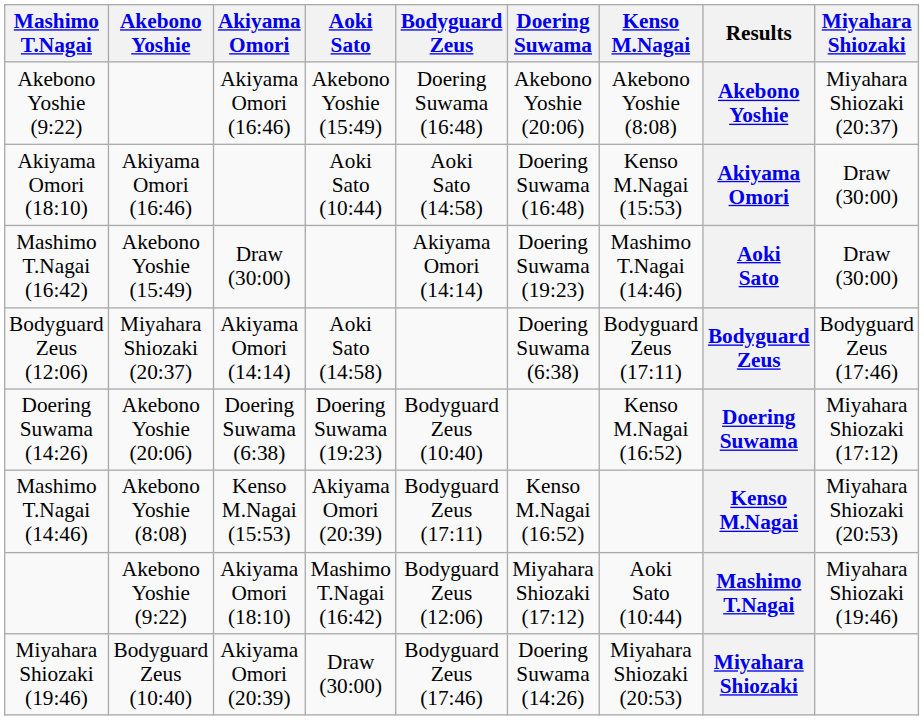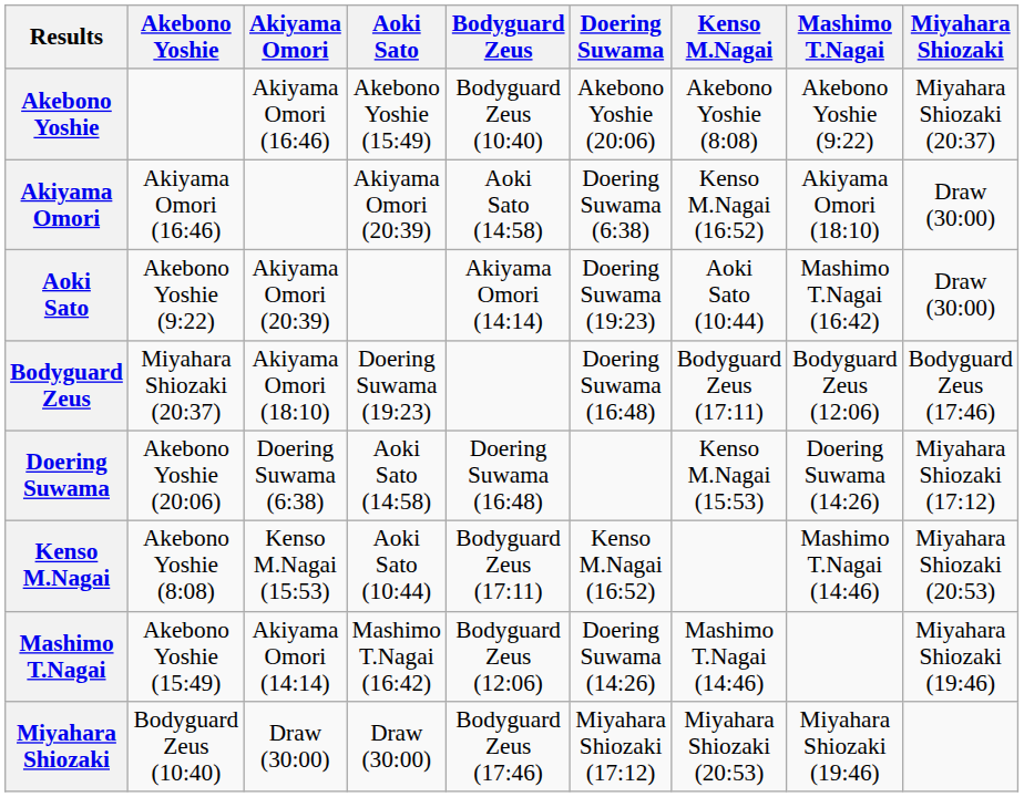 <table class="wikitable" style="text-align:center; margin: 1em auto 1em auto">
 <tr>
-<th><a href='#'>Mashimo</a><br><a href='#'>T.Nagai</a></th>
+<th>Results</th>
 <th><a href='#'>Akebono</a><br><a href='#'>Yoshie</a></th>
 <th><a href='#'>Akiyama</a><br><a href='#'>Omori</a></th>
 <th><a href='#'>Aoki</a><br><a href='#'>Sato</a></th>
 <th><a href='#'>Bodyguard</a><br><a href='#'>Zeus</a></th>
 <th><a href='#'>Doering</a><br><a href='#'>Suwama</a></th>
 <th><a href='#'>Kenso</a><br><a href='#'>M.Nagai</a></th>
-<th>Results</th>
+<th><a href='#'>Mashimo</a><br><a href='#'>T.Nagai</a></th>
 <th><a href='#'>Miyahara</a><br><a href='#'>Shiozaki</a></th>
 </tr>
 <tr>
-<td>Akebono<br>Yoshie<br>(9:22)</td>
+<th><a href='#'>Akebono</a><br><a href='#'>Yoshie</a></th>
 <td></td>
 <td>Akiyama<br>Omori<br>(16:46)</td>
 <td>Akebono<br>Yoshie<br>(15:49)</td>
-<td>Doering<br>Suwama<br>(16:48)</td>
+<td>Bodyguard<br>Zeus<br>(10:40)</td>
 <td>Akebono<br>Yoshie<br>(20:06)</td>
 <td>Akebono<br>Yoshie<br>(8:08)</td>
-<th><a href='#'>Akebono</a><br><a href='#'>Yoshie</a></th>
+<td>Akebono<br>Yoshie<br>(9:22)</td>
 <td>Miyahara<br>Shiozaki<br>(20:37)</td>
 </tr>
 <tr>
-<td>Akiyama<br>Omori<br>(18:10)</td>
+<th><a href='#'>Akiyama</a><br><a href='#'>Omori</a></th>
 <td>Akiyama<br>Omori<br>(16:46)</td>
 <td></td>
-<td>Aoki<br>Sato<br>(10:44)</td>
+<td>Akiyama<br>Omori<br>(20:39)</td>
 <td>Aoki<br>Sato<br>(14:58)</td>
-<td>Doering<br>Suwama<br>(16:48)</td>
-<td>Kenso<br>M.Nagai<br>(15:53)</td>
-<th><a href='#'>Akiyama</a><br><a href='#'>Omori</a></th>
+<td>Doering<br>Suwama<br>(6:38)</td>
+<td>Kenso<br>M.Nagai<br>(16:52)</td>
+<td>Akiyama<br>Omori<br>(18:10)</td>
 <td>Draw<br>(30:00)</td>
 </tr>
 <tr>
-<td>Mashimo<br>T.Nagai<br>(16:42)</td>
-<td>Akebono<br>Yoshie<br>(15:49)</td>
-<td>Draw<br>(30:00)</td>
+<th><a href='#'>Aoki</a><br><a href='#'>Sato</a></th>
+<td>Akebono<br>Yoshie<br>(9:22)</td>
+<td>Akiyama<br>Omori<br>(20:39)</td>
 <td></td>
 <td>Akiyama<br>Omori<br>(14:14)</td>
 <td>Doering<br>Suwama<br>(19:23)</td>
-<td>Mashimo<br>T.Nagai<br>(14:46)</td>
-<th><a href='#'>Aoki</a><br><a href='#'>Sato</a></th>
+<td>Aoki<br>Sato<br>(10:44)</td>
+<td>Mashimo<br>T.Nagai<br>(16:42)</td>
 <td>Draw<br>(30:00)</td>
 </tr>
 <tr>
+<th><a href='#'>Bodyguard</a><br><a href='#'>Zeus</a></th>
+<td>Miyahara<br>Shiozaki<br>(20:37)</td>
+<td>Akiyama<br>Omori<br>(18:10)</td>
+<td>Doering<br>Suwama<br>(19:23)</td>
+<td></td>
+<td>Doering<br>Suwama<br>(16:48)</td>
+<td>Bodyguard<br>Zeus<br>(17:11)</td>
 <td>Bodyguard<br>Zeus<br>(12:06)</td>
-<td>Miyahara<br>Shiozaki<br>(20:37)</td>
-<td>Akiyama<br>Omori<br>(14:14)</td>
-<td>Aoki<br>Sato<br>(14:58)</td>
-<td></td>
-<td>Doering<br>Suwama<br>(6:38)</td>
-<td>Bodyguard<br>Zeus<br>(17:11)</td>
-<th><a href='#'>Bodyguard</a><br><a href='#'>Zeus</a></th>
 <td>Bodyguard<br>Zeus<br>(17:46)</td>
 </tr>
 <tr>
-<td>Doering<br>Suwama<br>(14:26)</td>
+<th><a href='#'>Doering</a><br><a href='#'>Suwama</a></th>
 <td>Akebono<br>Yoshie<br>(20:06)</td>
 <td>Doering<br>Suwama<br>(6:38)</td>
-<td>Doering<br>Suwama<br>(19:23)</td>
-<td>Bodyguard<br>Zeus<br>(10:40)</td>
+<td>Aoki<br>Sato<br>(14:58)</td>
+<td>Doering<br>Suwama<br>(16:48)</td>
 <td></td>
-<td>Kenso<br>M.Nagai<br>(16:52)</td>
-<th><a href='#'>Doering</a><br><a href='#'>Suwama</a></th>
+<td>Kenso<br>M.Nagai<br>(15:53)</td>
+<td>Doering<br>Suwama<br>(14:26)</td>
 <td>Miyahara<br>Shiozaki<br>(17:12)</td>
 </tr>
 <tr>
-<td>Mashimo<br>T.Nagai<br>(14:46)</td>
+<th><a href='#'>Kenso</a><br><a href='#'>M.Nagai</a></th>
 <td>Akebono<br>Yoshie<br>(8:08)</td>
 <td>Kenso<br>M.Nagai<br>(15:53)</td>
-<td>Akiyama<br>Omori<br>(20:39)</td>
+<td>Aoki<br>Sato<br>(10:44)</td>
 <td>Bodyguard<br>Zeus<br>(17:11)</td>
 <td>Kenso<br>M.Nagai<br>(16:52)</td>
 <td></td>
-<th><a href='#'>Kenso</a><br><a href='#'>M.Nagai</a></th>
+<td>Mashimo<br>T.Nagai<br>(14:46)</td>
 <td>Miyahara<br>Shiozaki<br>(20:53)</td>
 </tr>
 <tr>
-<td></td>
-<td>Akebono<br>Yoshie<br>(9:22)</td>
-<td>Akiyama<br>Omori<br>(18:10)</td>
+<th><a href='#'>Mashimo</a><br><a href='#'>T.Nagai</a></th>
+<td>Akebono<br>Yoshie<br>(15:49)</td>
+<td>Akiyama<br>Omori<br>(14:14)</td>
 <td>Mashimo<br>T.Nagai<br>(16:42)</td>
 <td>Bodyguard<br>Zeus<br>(12:06)</td>
-<td>Miyahara<br>Shiozaki<br>(17:12)</td>
-<td>Aoki<br>Sato<br>(10:44)</td>
-<th><a href='#'>Mashimo</a><br><a href='#'>T.Nagai</a></th>
+<td>Doering<br>Suwama<br>(14:26)</td>
+<td>Mashimo<br>T.Nagai<br>(14:46)</td>
+<td></td>
 <td>Miyahara<br>Shiozaki<br>(19:46)</td>
 </tr>
 <tr>
-<td>Miyahara<br>Shiozaki<br>(19:46)</td>
+<th><a href='#'>Miyahara</a><br><a href='#'>Shiozaki</a></th>
 <td>Bodyguard<br>Zeus<br>(10:40)</td>
-<td>Akiyama<br>Omori<br>(20:39)</td>
+<td>Draw<br>(30:00)</td>
 <td>Draw<br>(30:00)</td>
 <td>Bodyguard<br>Zeus<br>(17:46)</td>
-<td>Doering<br>Suwama<br>(14:26)</td>
+<td>Miyahara<br>Shiozaki<br>(17:12)</td>
 <td>Miyahara<br>Shiozaki<br>(20:53)</td>
-<th><a href='#'>Miyahara</a><br><a href='#'>Shiozaki</a></th>
+<td>Miyahara<br>Shiozaki<br>(19:46)</td>
 <td></td>
 </tr>
 </table>
